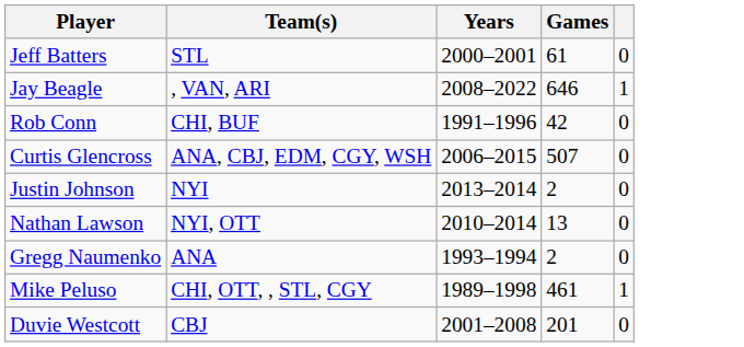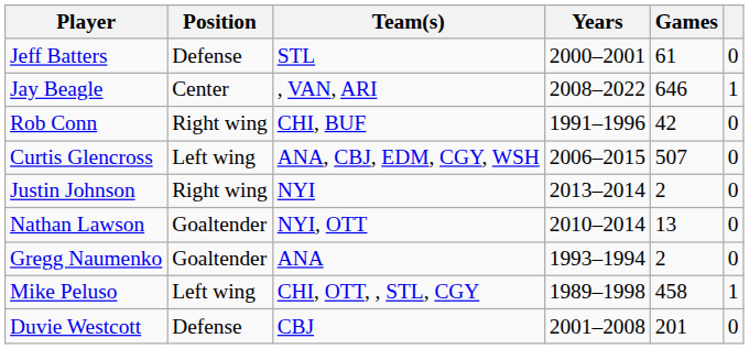 <table class="wikitable sortable">
 <tr>
 <th>Player</th>
+<th>Position</th>
 <th>Team(s)</th>
 <th>Years</th>
 <th>Games</th>
 <th><a href='#'></a></th>
 </tr>
 <tr>
 <td><a href='#'>Jeff Batters</a></td>
+<td>Defense</td>
 <td><a href='#'>STL</a></td>
 <td>2000–2001</td>
 <td>61</td>
 <td>0</td>
 </tr>
 <tr>
 <td><a href='#'>Jay Beagle</a></td>
+<td>Center</td>
 <td><span><strong></strong></span>, <a href='#'>VAN</a>, <a href='#'>ARI</a></td>
 <td>2008–2022</td>
 <td>646</td>
 <td>1</td>
 </tr>
 <tr>
 <td><a href='#'>Rob Conn</a></td>
+<td>Right wing</td>
 <td><a href='#'>CHI</a>, <a href='#'>BUF</a></td>
 <td>1991–1996</td>
 <td>42</td>
 <td>0</td>
 </tr>
 <tr>
 <td><a href='#'>Curtis Glencross</a></td>
+<td>Left wing</td>
 <td><a href='#'>ANA</a>, <a href='#'>CBJ</a>, <a href='#'>EDM</a>, <a href='#'>CGY</a>, <a href='#'>WSH</a></td>
 <td>2006–2015</td>
 <td>507</td>
 <td>0</td>
 </tr>
 <tr>
 <td><a href='#'>Justin Johnson</a></td>
+<td>Right wing</td>
 <td><a href='#'>NYI</a></td>
 <td>2013–2014</td>
 <td>2</td>
 <td>0</td>
 </tr>
 <tr>
 <td><a href='#'>Nathan Lawson</a></td>
+<td>Goaltender</td>
 <td><a href='#'>NYI</a>, <a href='#'>OTT</a></td>
 <td>2010–2014</td>
 <td>13</td>
 <td>0</td>
 </tr>
 <tr>
 <td><a href='#'>Gregg Naumenko</a></td>
+<td>Goaltender</td>
 <td><a href='#'>ANA</a></td>
 <td>1993–1994</td>
 <td>2</td>
 <td>0</td>
 </tr>
 <tr>
 <td><a href='#'>Mike Peluso</a></td>
+<td>Left wing</td>
 <td><a href='#'>CHI</a>, <a href='#'>OTT</a>, <span><strong></strong></span>, <a href='#'>STL</a>, <a href='#'>CGY</a></td>
 <td>1989–1998</td>
-<td>461</td>
+<td>458</td>
 <td>1</td>
 </tr>
 <tr>
 <td><a href='#'>Duvie Westcott</a></td>
+<td>Defense</td>
 <td><a href='#'>CBJ</a></td>
 <td>2001–2008</td>
 <td>201</td>
 <td>0</td>
 </tr>
 </table>
